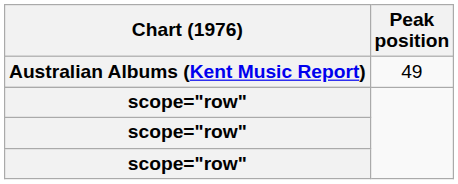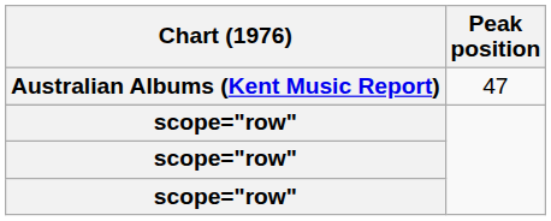 <table class="wikitable sortable plainrowheaders" style="text-align:center;">
 <tr>
 <th scope="col">Chart (1976)</th>
 <th scope="col">Peak<br>position</th>
 </tr>
 <tr>
 <th scope="row">Australian Albums (<a href='#'>Kent Music Report</a>)</th>
-<td>49</td>
+<td>47</td>
 </tr>
 <tr>
 </tr>
 <tr>
 </tr>
 <tr>
 <th>scope="row" </th>
 </tr>
 <tr>
 <th>scope="row" </th>
 </tr>
 <tr>
 <th>scope="row" </th>
 </tr>
 </table>
